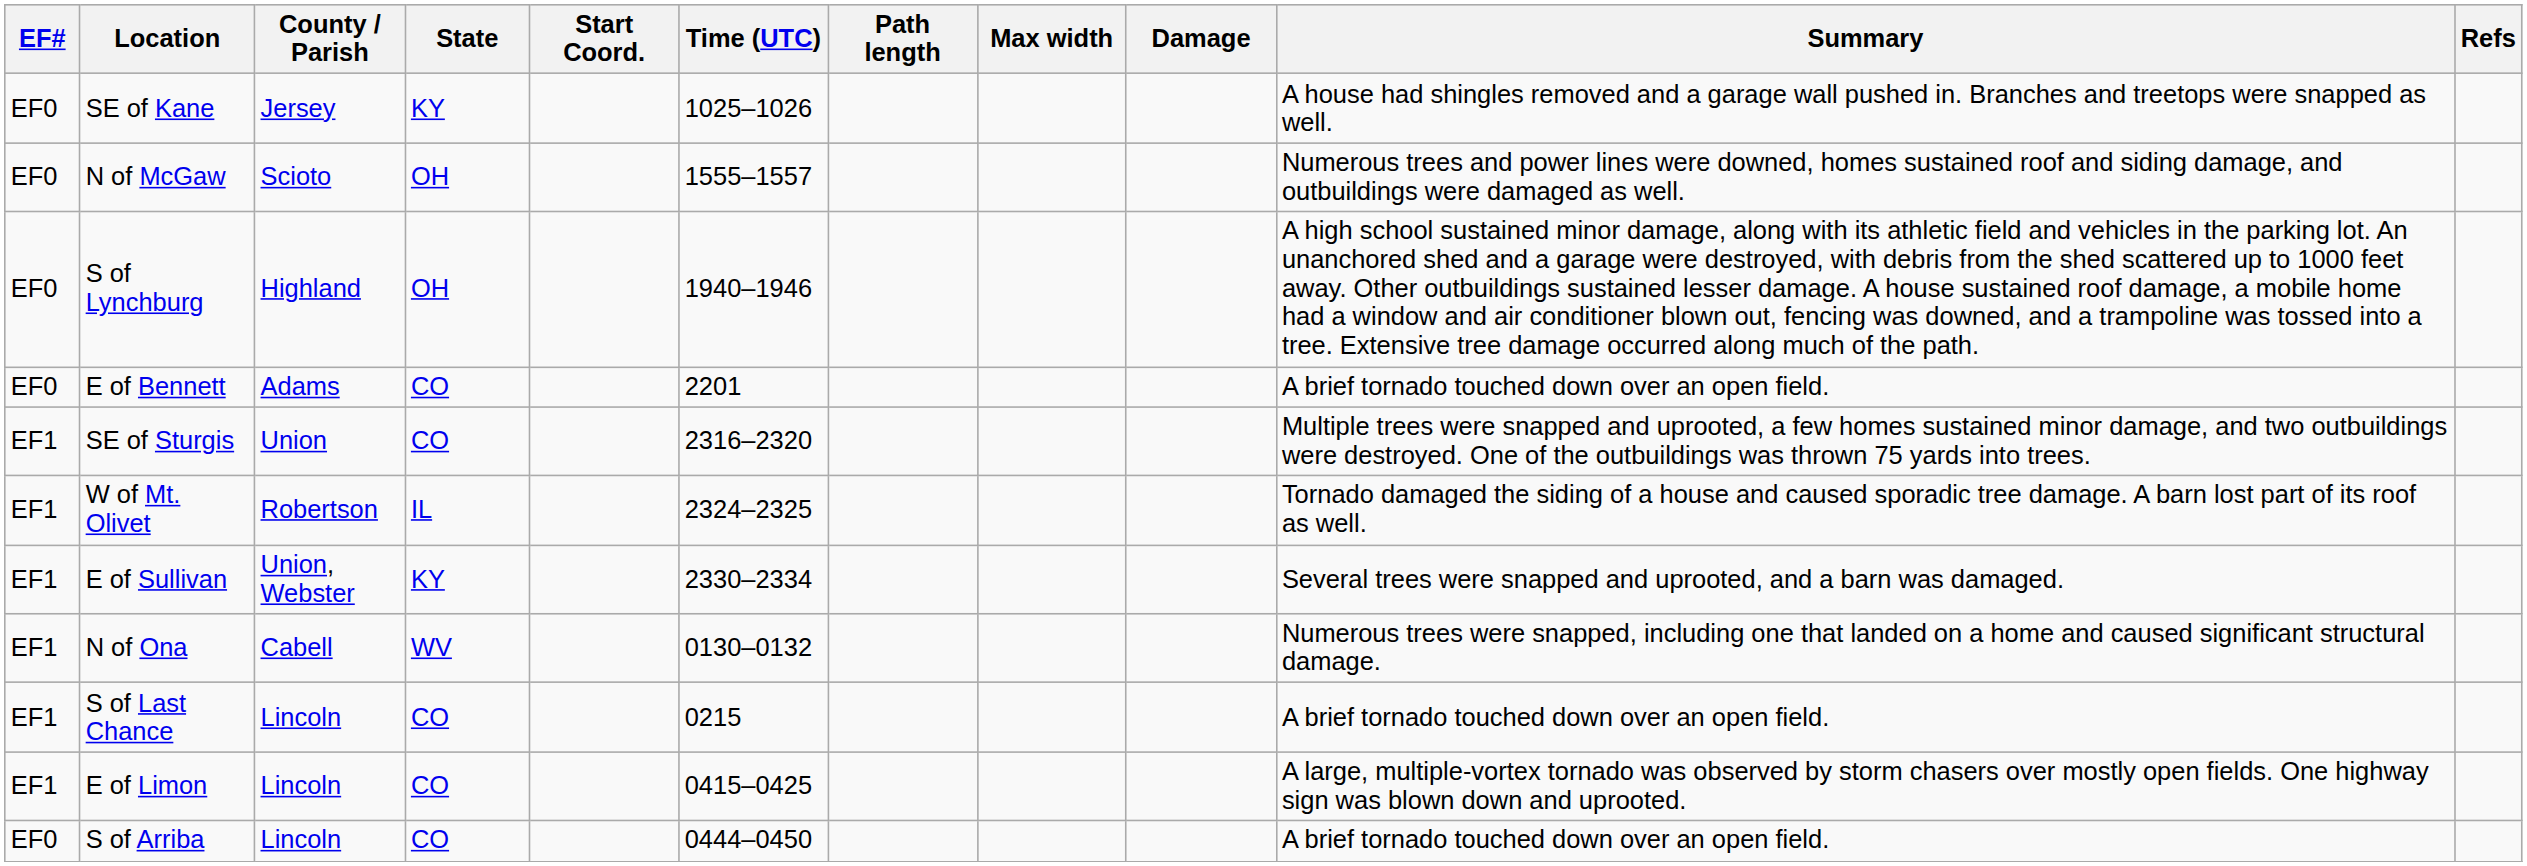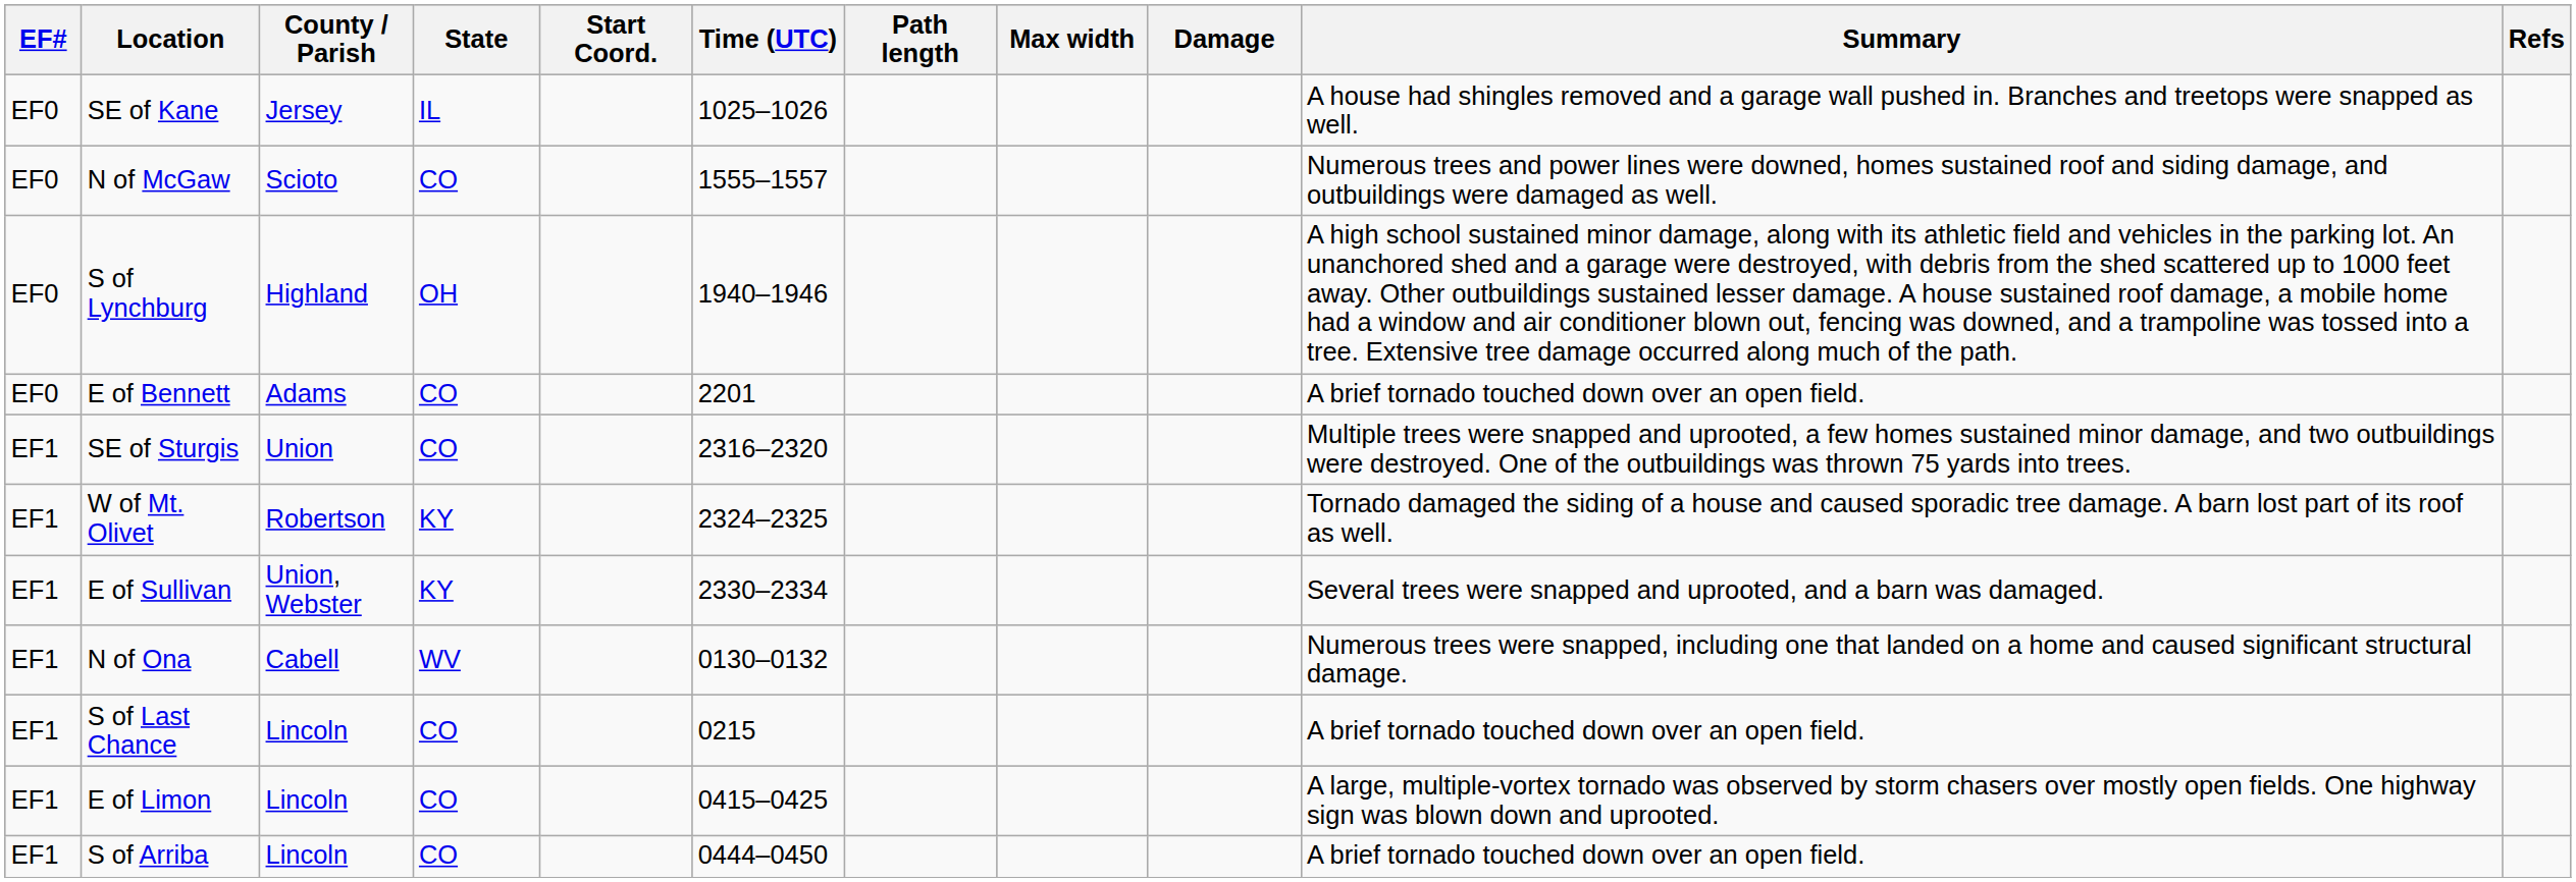 <table class="wikitable sortable" style="width:100%;">
 <tr>
 <th scope="col" width="3%" align="center"><a href='#'>EF#</a></th>
 <th scope="col" width="7%" align="center" class="unsortable">Location</th>
 <th scope="col" width="6%" align="center" class="unsortable">County / Parish</th>
 <th scope="col" width="5%" align="center">State</th>
 <th scope="col" width="6%" align="center">Start Coord.</th>
 <th scope="col" width="6%" align="center">Time (<a href='#'>UTC</a>)</th>
 <th scope="col" width="6%" align="center">Path length</th>
 <th scope="col" width="6%" align="center">Max width</th>
 <th scope="col" width="6%" align="center">Damage</th>
 <th scope="col" width="48%" class="unsortable" align="center">Summary</th>
 <th scope="col" width="48%" class="unsortable" align="center">Refs</th>
 </tr>
 <tr>
 <td>EF0</td>
 <td>SE of <a href='#'>Kane</a></td>
 <td><a href='#'>Jersey</a></td>
-<td><a href='#'>KY</a></td>
+<td><a href='#'>IL</a></td>
 <td></td>
 <td>1025–1026</td>
 <td></td>
 <td></td>
 <td></td>
 <td>A house had shingles removed and a garage wall pushed in. Branches and treetops were snapped as well.</td>
 <td></td>
 </tr>
 <tr>
 <td>EF0</td>
 <td>N of <a href='#'>McGaw</a></td>
 <td><a href='#'>Scioto</a></td>
-<td><a href='#'>OH</a></td>
+<td><a href='#'>CO</a></td>
 <td></td>
 <td>1555–1557</td>
 <td></td>
 <td></td>
 <td></td>
 <td>Numerous trees and power lines were downed, homes sustained roof and siding damage, and outbuildings were damaged as well.</td>
 <td></td>
 </tr>
 <tr>
 <td>EF0</td>
 <td>S of <a href='#'>Lynchburg</a></td>
 <td><a href='#'>Highland</a></td>
 <td><a href='#'>OH</a></td>
 <td></td>
 <td>1940–1946</td>
 <td></td>
 <td></td>
 <td></td>
 <td>A high school sustained minor damage, along with its athletic field and vehicles in the parking lot. An unanchored shed and a garage were destroyed, with debris from the shed scattered up to 1000 feet away. Other outbuildings sustained lesser damage. A house sustained roof damage, a mobile home had a window and air conditioner blown out, fencing was downed, and a trampoline was tossed into a tree. Extensive tree damage occurred along much of the path.</td>
 <td></td>
 </tr>
 <tr>
 <td>EF0</td>
 <td>E of <a href='#'>Bennett</a></td>
 <td><a href='#'>Adams</a></td>
 <td><a href='#'>CO</a></td>
 <td></td>
 <td>2201</td>
 <td></td>
 <td></td>
 <td></td>
 <td>A brief tornado touched down over an open field.</td>
 <td></td>
 </tr>
 <tr>
 <td>EF1</td>
 <td>SE of <a href='#'>Sturgis</a></td>
 <td><a href='#'>Union</a></td>
 <td><a href='#'>CO</a></td>
 <td></td>
 <td>2316–2320</td>
 <td></td>
 <td></td>
 <td></td>
 <td>Multiple trees were snapped and uprooted, a few homes sustained minor damage, and two outbuildings were destroyed. One of the outbuildings was thrown 75 yards into trees.</td>
 <td></td>
 </tr>
 <tr>
 <td>EF1</td>
 <td>W of <a href='#'>Mt. Olivet</a></td>
 <td><a href='#'>Robertson</a></td>
-<td><a href='#'>IL</a></td>
+<td><a href='#'>KY</a></td>
 <td></td>
 <td>2324–2325</td>
 <td></td>
 <td></td>
 <td></td>
 <td>Tornado damaged the siding of a house and caused sporadic tree damage. A barn lost part of its roof as well.</td>
 <td></td>
 </tr>
 <tr>
 <td>EF1</td>
 <td>E of <a href='#'>Sullivan</a></td>
 <td><a href='#'>Union</a>, <a href='#'>Webster</a></td>
 <td><a href='#'>KY</a></td>
 <td></td>
 <td>2330–2334</td>
 <td></td>
 <td></td>
 <td></td>
 <td>Several trees were snapped and uprooted, and a barn was damaged.</td>
 <td></td>
 </tr>
 <tr>
 <td>EF1</td>
 <td>N of <a href='#'>Ona</a></td>
 <td><a href='#'>Cabell</a></td>
 <td><a href='#'>WV</a></td>
 <td></td>
 <td>0130–0132</td>
 <td></td>
 <td></td>
 <td></td>
 <td>Numerous trees were snapped, including one that landed on a home and caused significant structural damage.</td>
 <td></td>
 </tr>
 <tr>
 <td>EF1</td>
 <td>S of <a href='#'>Last Chance</a></td>
 <td><a href='#'>Lincoln</a></td>
 <td><a href='#'>CO</a></td>
 <td></td>
 <td>0215</td>
 <td></td>
 <td></td>
 <td></td>
 <td>A brief tornado touched down over an open field.</td>
 <td></td>
 </tr>
 <tr>
 <td>EF1</td>
 <td>E of <a href='#'>Limon</a></td>
 <td><a href='#'>Lincoln</a></td>
 <td><a href='#'>CO</a></td>
 <td></td>
 <td>0415–0425</td>
 <td></td>
 <td></td>
 <td></td>
 <td>A large, multiple-vortex tornado was observed by storm chasers over mostly open fields. One highway sign was blown down and uprooted.</td>
 <td></td>
 </tr>
 <tr>
-<td>EF0</td>
+<td>EF1</td>
 <td>S of <a href='#'>Arriba</a></td>
 <td><a href='#'>Lincoln</a></td>
 <td><a href='#'>CO</a></td>
 <td></td>
 <td>0444–0450</td>
 <td></td>
 <td></td>
 <td></td>
 <td>A brief tornado touched down over an open field.</td>
 <td></td>
 </tr>
 <tr>
 </tr>
 </table>
